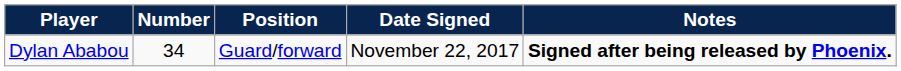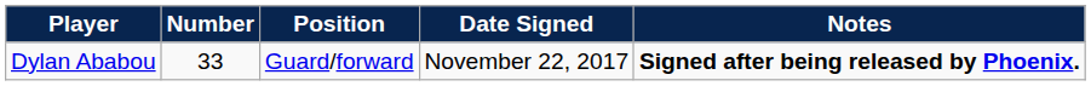 <table class="wikitable sortable sortable">
 <tr>
 <th style="background:#08254F; color:#FFFFFF; ">Player</th>
 <th style="background:#08254F; color:#FFFFFF; ">Number</th>
 <th style="background:#08254F; color:#FFFFFF; ">Position</th>
 <th style="background:#08254F; color:#FFFFFF; ">Date Signed</th>
 <th style="background:#08254F; color:#FFFFFF; ">Notes</th>
 </tr>
 <tr style="text-align: center">
 <td><a href='#'>Dylan Ababou</a></td>
-<td>34</td>
+<td>33</td>
 <td><a href='#'>Guard</a>/<a href='#'>forward</a></td>
 <td>November 22, 2017</td>
 <td><strong>Signed after being released by <a href='#'>Phoenix</a>.</strong></td>
 </tr>
 </table>
